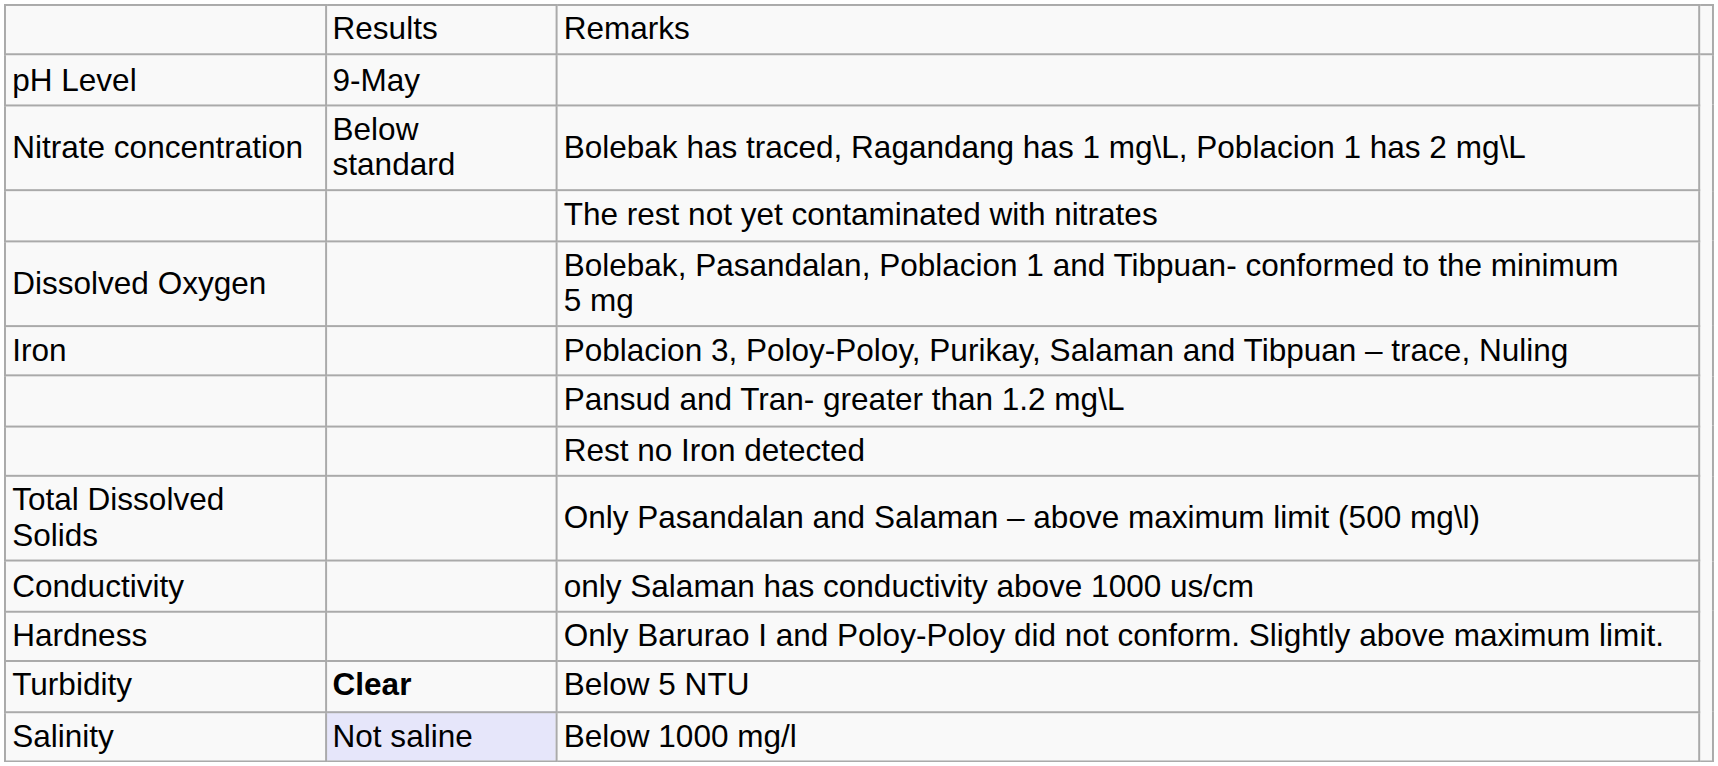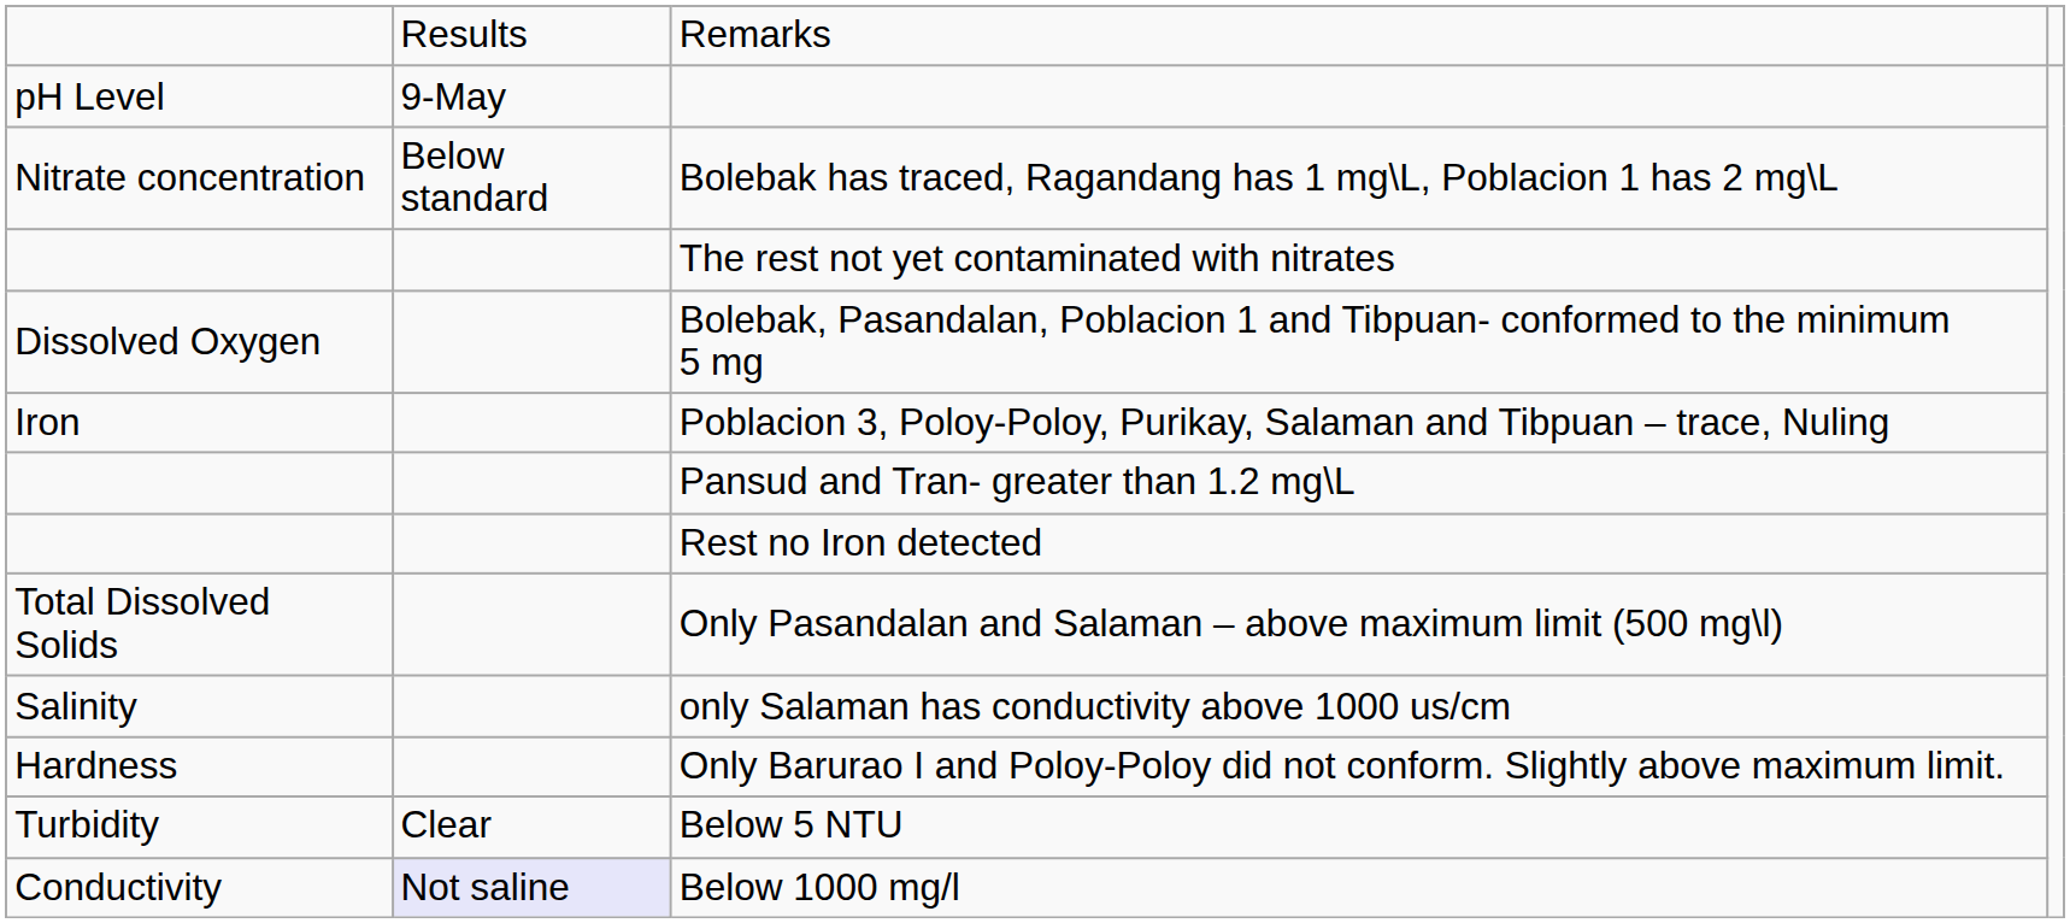 <table class="wikitable">
 <tr>
 <td></td>
 <td>Results</td>
 <td>Remarks</td>
 <td></td>
 </tr>
 <tr>
 <td>pH Level</td>
 <td>9-May</td>
 <td></td>
 </tr>
 <tr>
 <td>Nitrate concentration</td>
 <td>Below standard</td>
 <td>Bolebak has traced, Ragandang has 1 mg\L, Poblacion 1 has 2 mg\L</td>
 </tr>
 <tr>
 <td></td>
 <td></td>
 <td>The rest not yet contaminated with nitrates</td>
 </tr>
 <tr>
 <td>Dissolved Oxygen</td>
 <td></td>
 <td>Bolebak, Pasandalan, Poblacion 1 and Tibpuan- conformed to the minimum 5 mg</td>
 </tr>
 <tr>
 <td>Iron</td>
 <td></td>
 <td>Poblacion 3, Poloy-Poloy, Purikay, Salaman and Tibpuan – trace, Nuling</td>
 </tr>
 <tr>
 <td></td>
 <td></td>
 <td>Pansud and Tran- greater than 1.2 mg\L</td>
 </tr>
 <tr>
 <td></td>
 <td></td>
 <td>Rest no Iron detected</td>
 </tr>
 <tr>
 <td>Total Dissolved Solids</td>
 <td></td>
 <td>Only Pasandalan and Salaman – above maximum limit (500 mg\l)</td>
 </tr>
 <tr>
-<td>Conductivity</td>
+<td>Salinity</td>
 <td></td>
 <td>only Salaman has conductivity above 1000 us/cm</td>
 </tr>
 <tr>
 <td>Hardness</td>
 <td></td>
 <td>Only Barurao I and Poloy-Poloy did not conform. Slightly above maximum limit.</td>
 </tr>
 <tr>
 <td>Turbidity</td>
-<td><strong>Clear</strong></td>
+<td>Clear</td>
 <td>Below 5 NTU</td>
 </tr>
 <tr>
-<td>Salinity</td>
+<td>Conductivity</td>
 <td style="background: lavender;">Not saline</td>
 <td>Below 1000 mg/l</td>
 </tr>
 </table>
